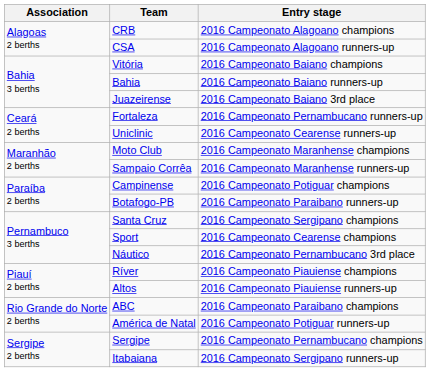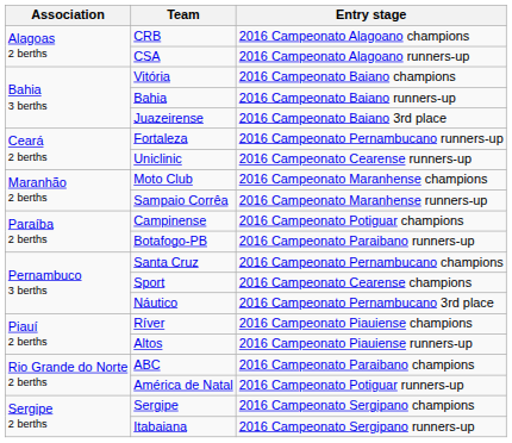 <table class="wikitable">
 <tr>
 <th>Association</th>
 <th>Team </th>
 <th>Entry stage</th>
 </tr>
 <tr>
 <td rowspan="2"> <a href='#'>Alagoas</a><br><small>2 berths</small></td>
 <td><a href='#'>CRB</a></td>
 <td><a href='#'>2016 Campeonato Alagoano</a> champions</td>
 </tr>
 <tr>
 <td><a href='#'>CSA</a></td>
 <td><a href='#'>2016 Campeonato Alagoano</a> runners-up</td>
 </tr>
 <tr>
 <td rowspan="3"> <a href='#'>Bahia</a><br><small>3 berths</small></td>
 <td><a href='#'>Vitória</a></td>
 <td><a href='#'>2016 Campeonato Baiano</a> champions</td>
 </tr>
 <tr>
 <td><a href='#'>Bahia</a></td>
 <td><a href='#'>2016 Campeonato Baiano</a> runners-up</td>
 </tr>
 <tr>
 <td><a href='#'>Juazeirense</a></td>
 <td><a href='#'>2016 Campeonato Baiano</a> 3rd place</td>
 </tr>
 <tr>
 <td rowspan="2"> <a href='#'>Ceará</a><br><small>2 berths</small></td>
 <td><a href='#'>Fortaleza</a></td>
 <td><a href='#'>2016 Campeonato Pernambucano</a> runners-up</td>
 </tr>
 <tr>
 <td><a href='#'>Uniclinic</a></td>
 <td><a href='#'>2016 Campeonato Cearense</a> runners-up</td>
 </tr>
 <tr>
 <td rowspan="2"> <a href='#'>Maranhão</a><br><small>2 berths</small></td>
 <td><a href='#'>Moto Club</a></td>
 <td><a href='#'>2016 Campeonato Maranhense</a> champions</td>
 </tr>
 <tr>
 <td><a href='#'>Sampaio Corrêa</a></td>
 <td><a href='#'>2016 Campeonato Maranhense</a> runners-up</td>
 </tr>
 <tr>
 <td rowspan="2"> <a href='#'>Paraíba</a><br><small>2 berths</small></td>
 <td><a href='#'>Campinense</a></td>
 <td><a href='#'>2016 Campeonato Potiguar</a> champions</td>
 </tr>
 <tr>
 <td><a href='#'>Botafogo-PB</a></td>
 <td><a href='#'>2016 Campeonato Paraibano</a> runners-up</td>
 </tr>
 <tr>
 <td rowspan="3"> <a href='#'>Pernambuco</a><br><small>3 berths</small></td>
 <td><a href='#'>Santa Cruz</a></td>
-<td><a href='#'>2016 Campeonato Sergipano</a> champions</td>
+<td><a href='#'>2016 Campeonato Pernambucano</a> champions</td>
 </tr>
 <tr>
 <td><a href='#'>Sport</a></td>
 <td><a href='#'>2016 Campeonato Cearense</a> champions</td>
 </tr>
 <tr>
 <td><a href='#'>Náutico</a></td>
 <td><a href='#'>2016 Campeonato Pernambucano</a> 3rd place</td>
 </tr>
 <tr>
 <td rowspan="2"> <a href='#'>Piauí</a><br><small>2 berths</small></td>
 <td><a href='#'>Ríver</a></td>
 <td><a href='#'>2016 Campeonato Piauiense</a> champions</td>
 </tr>
 <tr>
 <td><a href='#'>Altos</a></td>
 <td><a href='#'>2016 Campeonato Piauiense</a> runners-up</td>
 </tr>
 <tr>
 <td rowspan="2"> <a href='#'>Rio Grande do Norte</a><br><small>2 berths</small></td>
 <td><a href='#'>ABC</a></td>
 <td><a href='#'>2016 Campeonato Paraibano</a> champions</td>
 </tr>
 <tr>
 <td><a href='#'>América de Natal</a></td>
 <td><a href='#'>2016 Campeonato Potiguar</a> runners-up</td>
 </tr>
 <tr>
 <td rowspan="2"> <a href='#'>Sergipe</a><br><small>2 berths</small></td>
 <td><a href='#'>Sergipe</a></td>
-<td><a href='#'>2016 Campeonato Pernambucano</a> champions</td>
+<td><a href='#'>2016 Campeonato Sergipano</a> champions</td>
 </tr>
 <tr>
 <td><a href='#'>Itabaiana</a></td>
 <td><a href='#'>2016 Campeonato Sergipano</a> runners-up</td>
 </tr>
 </table>
